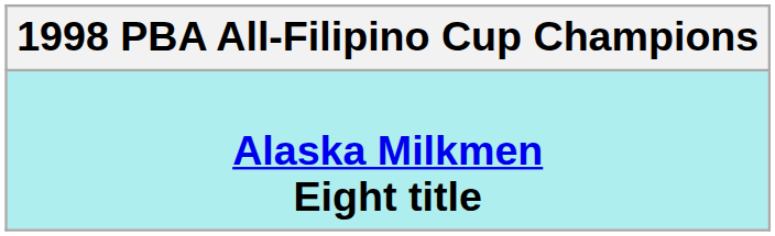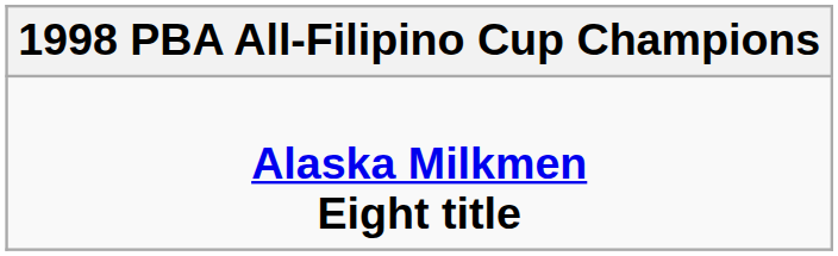 <table class=wikitable style="text-align:center; margin:auto">
 <tr>
 <th>1998 PBA All-Filipino Cup Champions</th>
 </tr>
 <tr>
-<td style="background: paleturquoise;"><br> <strong><a href='#'>Alaska Milkmen</a></strong> <br> <strong>Eight title</strong></td>
+<td><br> <strong><a href='#'>Alaska Milkmen</a></strong> <br> <strong>Eight title</strong></td>
 </tr>
 </table>
